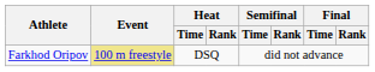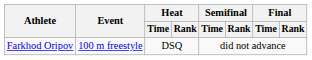 <table class=wikitable style="font-size:90%">
 <tr>
 <th rowspan="2">Athlete</th>
 <th rowspan="2">Event</th>
 <th colspan="2">Heat</th>
 <th colspan="2">Semifinal</th>
 <th colspan="2">Final</th>
 </tr>
 <tr style="font-size:95%">
 <th>Time</th>
 <th>Rank</th>
 <th>Time</th>
 <th>Rank</th>
 <th>Time</th>
 <th>Rank</th>
 </tr>
 <tr align=center>
 <td align=left><a href='#'>Farkhod Oripov</a></td>
-<td align=left style="background: khaki;"><a href='#'>100 m freestyle</a></td>
+<td align=left><a href='#'>100 m freestyle</a></td>
 <td colspan=2>DSQ</td>
 <td colspan=4>did not advance</td>
 </tr>
 </table>
